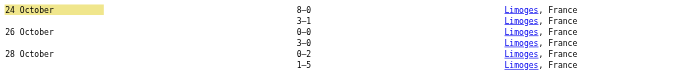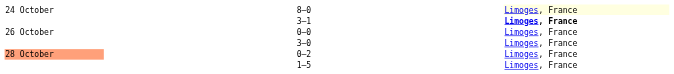 <table cellspacing=1 width=85%>
 <tr>
 <th width=15%></th>
 <th width=25%></th>
 <th width=10%></th>
 <th width=25%></th>
 <th width=25%></th>
 </tr>
 <tr>
-<td style="background: khaki;">24 October</td>
+<td>24 October</td>
 <td align=right></td>
 <td align=center>8–0</td>
 <td></td>
-<td><a href='#'>Limoges</a>, France</td>
+<td style="background: lightyellow;"><a href='#'>Limoges</a>, France</td>
 </tr>
 <tr>
 <td></td>
 <td align=right></td>
 <td align=center>3–1</td>
 <td></td>
-<td><a href='#'>Limoges</a>, France</td>
+<td><strong><a href='#'>Limoges</a>, France</strong></td>
 </tr>
 <tr>
 <td>26 October</td>
 <td align=right></td>
 <td align=center>0–0</td>
 <td></td>
 <td><a href='#'>Limoges</a>, France</td>
 </tr>
 <tr>
 <td></td>
 <td align=right></td>
 <td align=center>3–0</td>
 <td></td>
 <td><a href='#'>Limoges</a>, France</td>
 </tr>
 <tr>
-<td>28 October</td>
+<td style="background: lightsalmon;">28 October</td>
 <td align=right></td>
 <td align=center>0–2</td>
 <td></td>
 <td><a href='#'>Limoges</a>, France</td>
 </tr>
 <tr>
 <td></td>
 <td align=right></td>
 <td align=center>1–5</td>
 <td></td>
 <td><a href='#'>Limoges</a>, France</td>
 </tr>
 </table>
